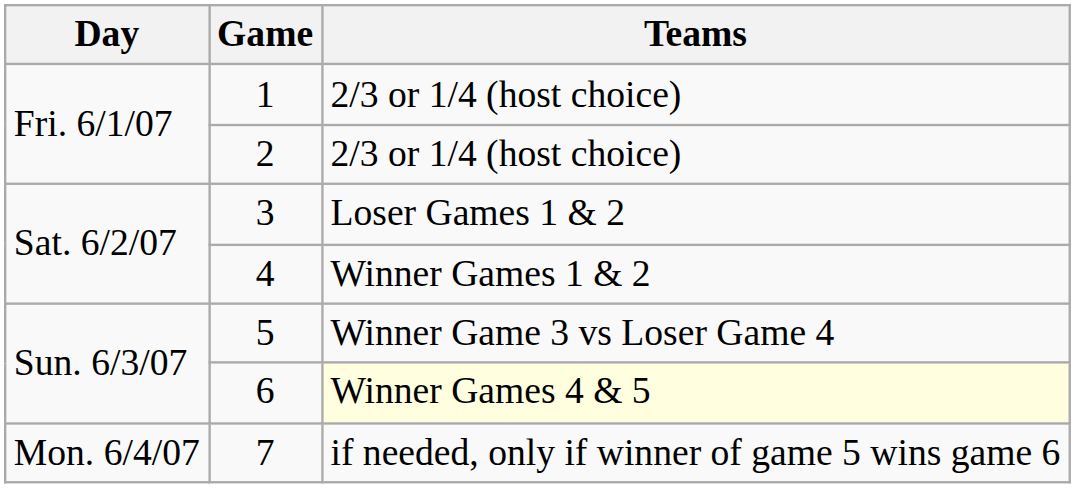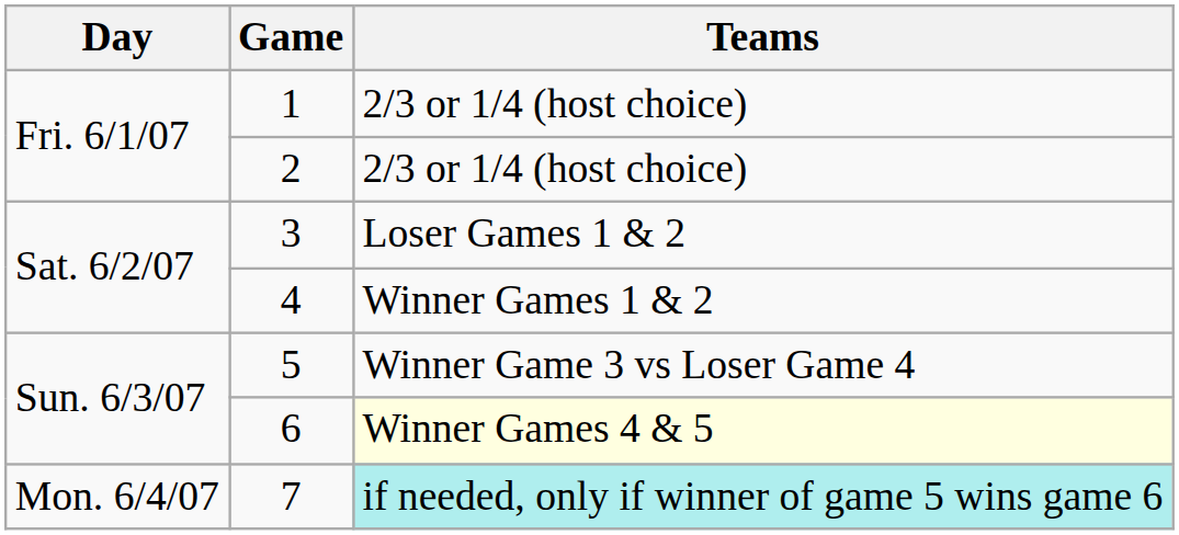 <table class="wikitable">
 <tr>
 <th>Day</th>
 <th>Game</th>
 <th>Teams</th>
 </tr>
 <tr>
 <td rowspan=2>Fri. 6/1/07</td>
 <td align=center>1</td>
 <td>2/3 or 1/4 (host choice)</td>
 </tr>
 <tr>
 <td align=center>2</td>
 <td>2/3 or 1/4 (host choice)</td>
 </tr>
 <tr>
 <td rowspan=2>Sat. 6/2/07</td>
 <td align=center>3</td>
 <td>Loser Games 1 & 2</td>
 </tr>
 <tr>
 <td align=center>4</td>
 <td>Winner Games 1 & 2</td>
 </tr>
 <tr>
 <td rowspan=2>Sun. 6/3/07</td>
 <td align=center>5</td>
 <td>Winner Game 3 vs Loser Game 4</td>
 </tr>
 <tr>
 <td align=center>6</td>
 <td style="background: lightyellow;">Winner Games 4 & 5</td>
 </tr>
 <tr>
 <td>Mon. 6/4/07</td>
 <td align=center>7</td>
-<td>if needed, only if winner of game 5 wins game 6</td>
+<td style="background: paleturquoise;">if needed, only if winner of game 5 wins game 6</td>
 </tr>
 </table>
